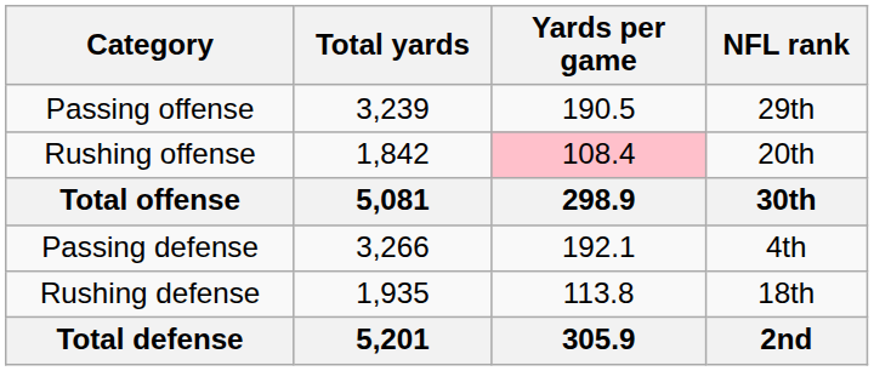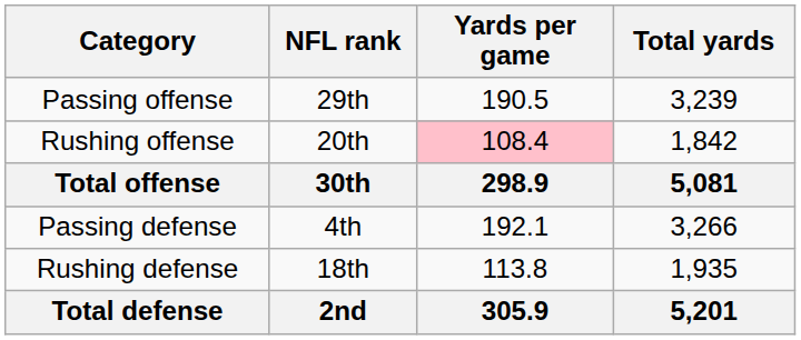 <table class="wikitable" style="text-align:center;">
 <tr>
 <th width="150">Category</th>
+<th width="80">NFL rank<br></th>
+<th width="110">Yards per game</th>
 <th width="100">Total yards</th>
-<th width="110">Yards per game</th>
-<th width="80">NFL rank<br></th>
 </tr>
 <tr>
 <td>Passing offense</td>
+<td>29th</td>
+<td>190.5</td>
 <td>3,239</td>
-<td>190.5</td>
-<td>29th</td>
 </tr>
 <tr>
 <td>Rushing offense</td>
+<td>20th</td>
+<td style="background: pink;">108.4</td>
 <td>1,842</td>
-<td style="background: pink;">108.4</td>
-<td>20th</td>
 </tr>
 <tr>
 <th>Total offense</th>
+<th>30th</th>
+<th>298.9</th>
 <th>5,081</th>
-<th>298.9</th>
-<th>30th</th>
 </tr>
 <tr>
 <td>Passing defense</td>
+<td>4th</td>
+<td>192.1</td>
 <td>3,266</td>
-<td>192.1</td>
-<td>4th</td>
 </tr>
 <tr>
 <td>Rushing defense</td>
+<td>18th</td>
+<td>113.8</td>
 <td>1,935</td>
-<td>113.8</td>
-<td>18th</td>
 </tr>
 <tr>
 <th>Total defense</th>
+<th>2nd</th>
+<th>305.9</th>
 <th>5,201</th>
-<th>305.9</th>
-<th>2nd</th>
 </tr>
 </table>
